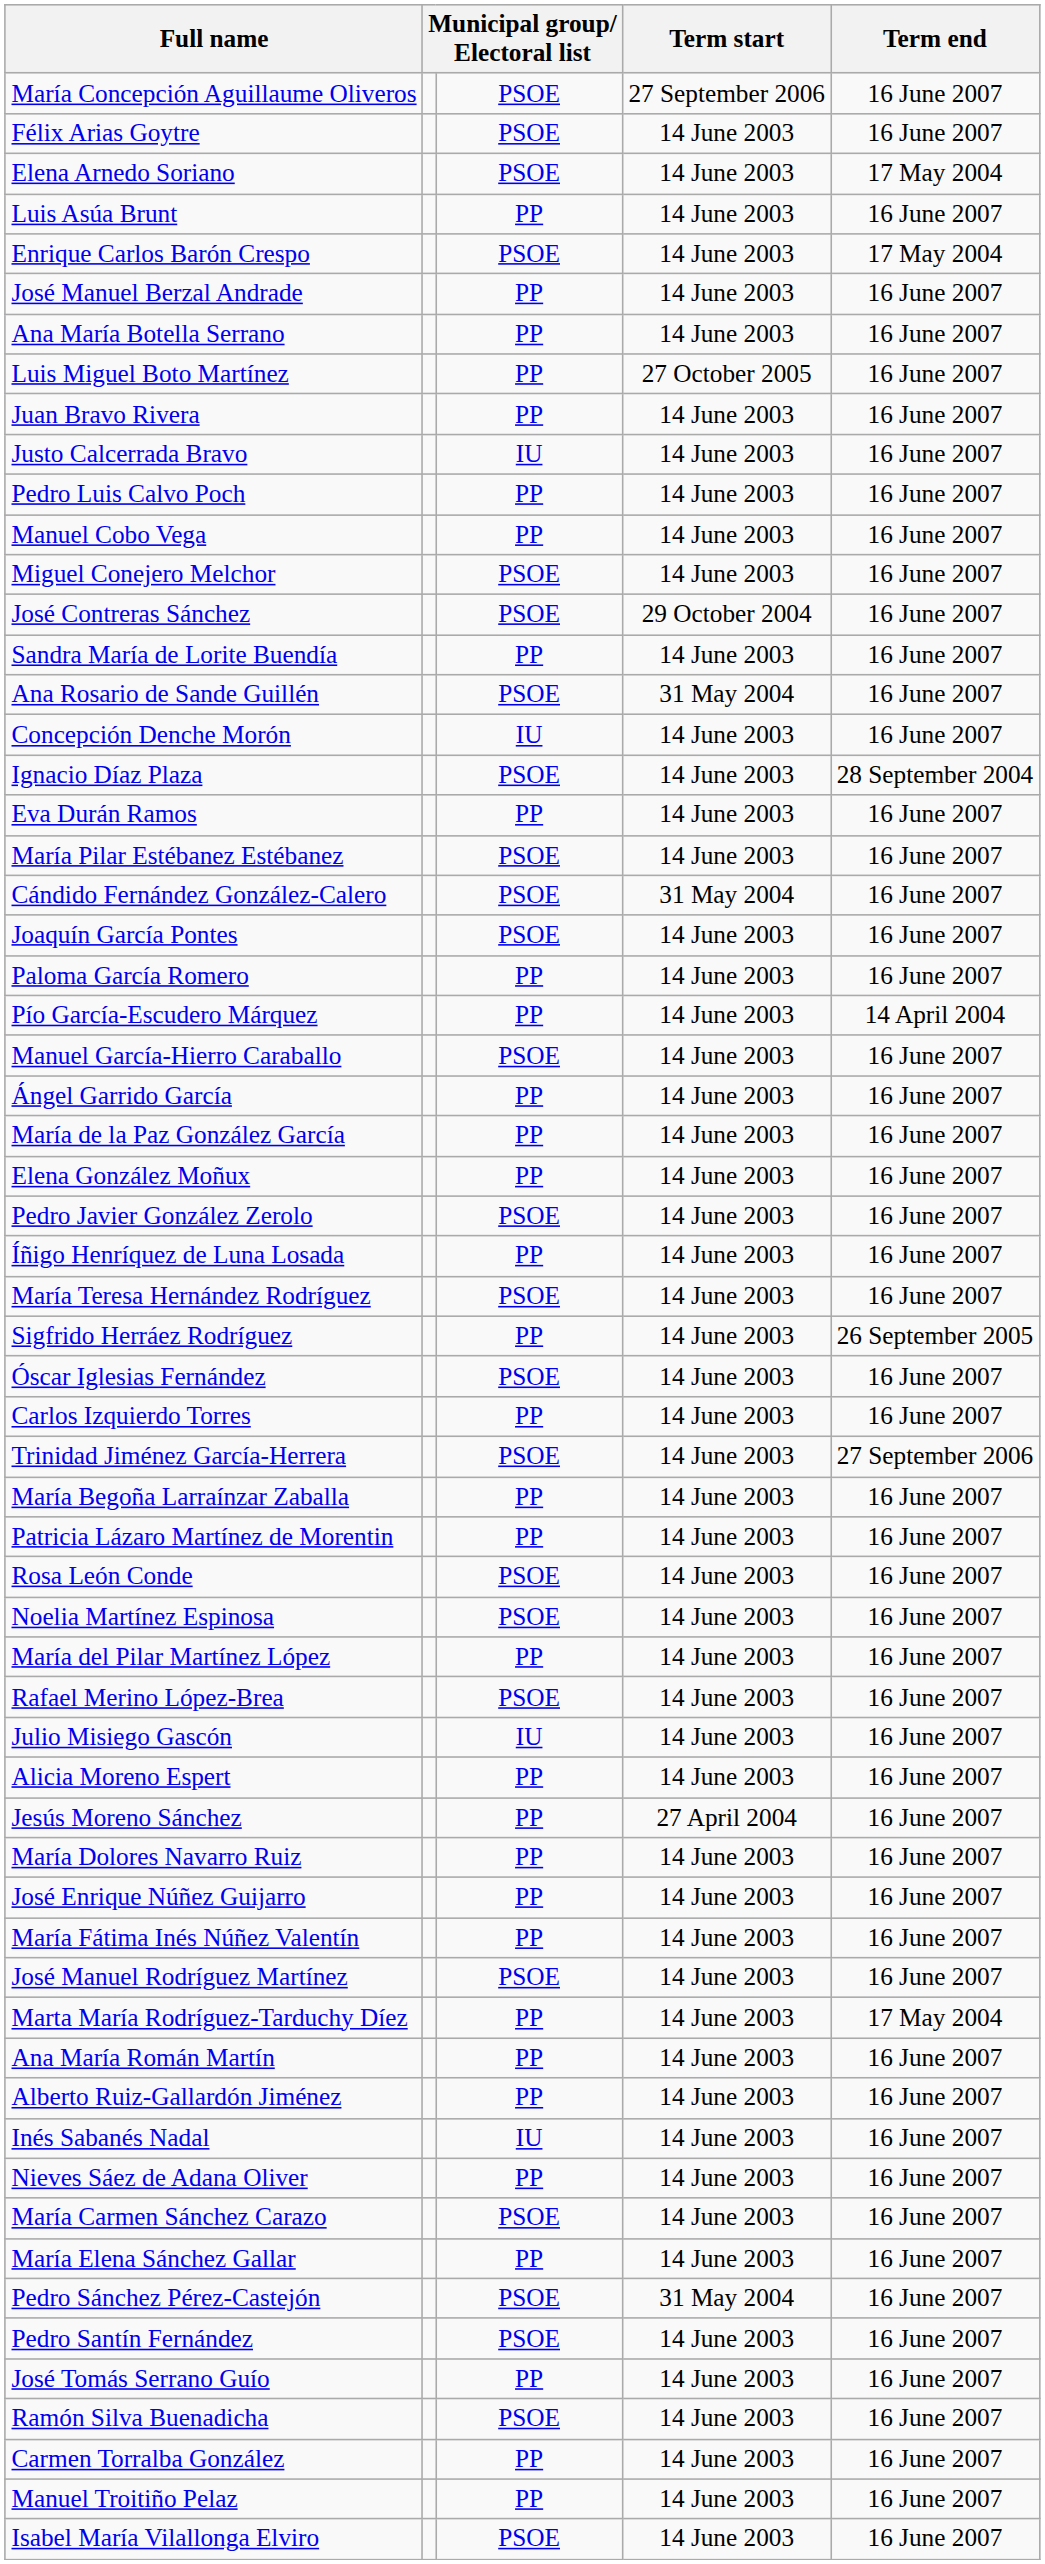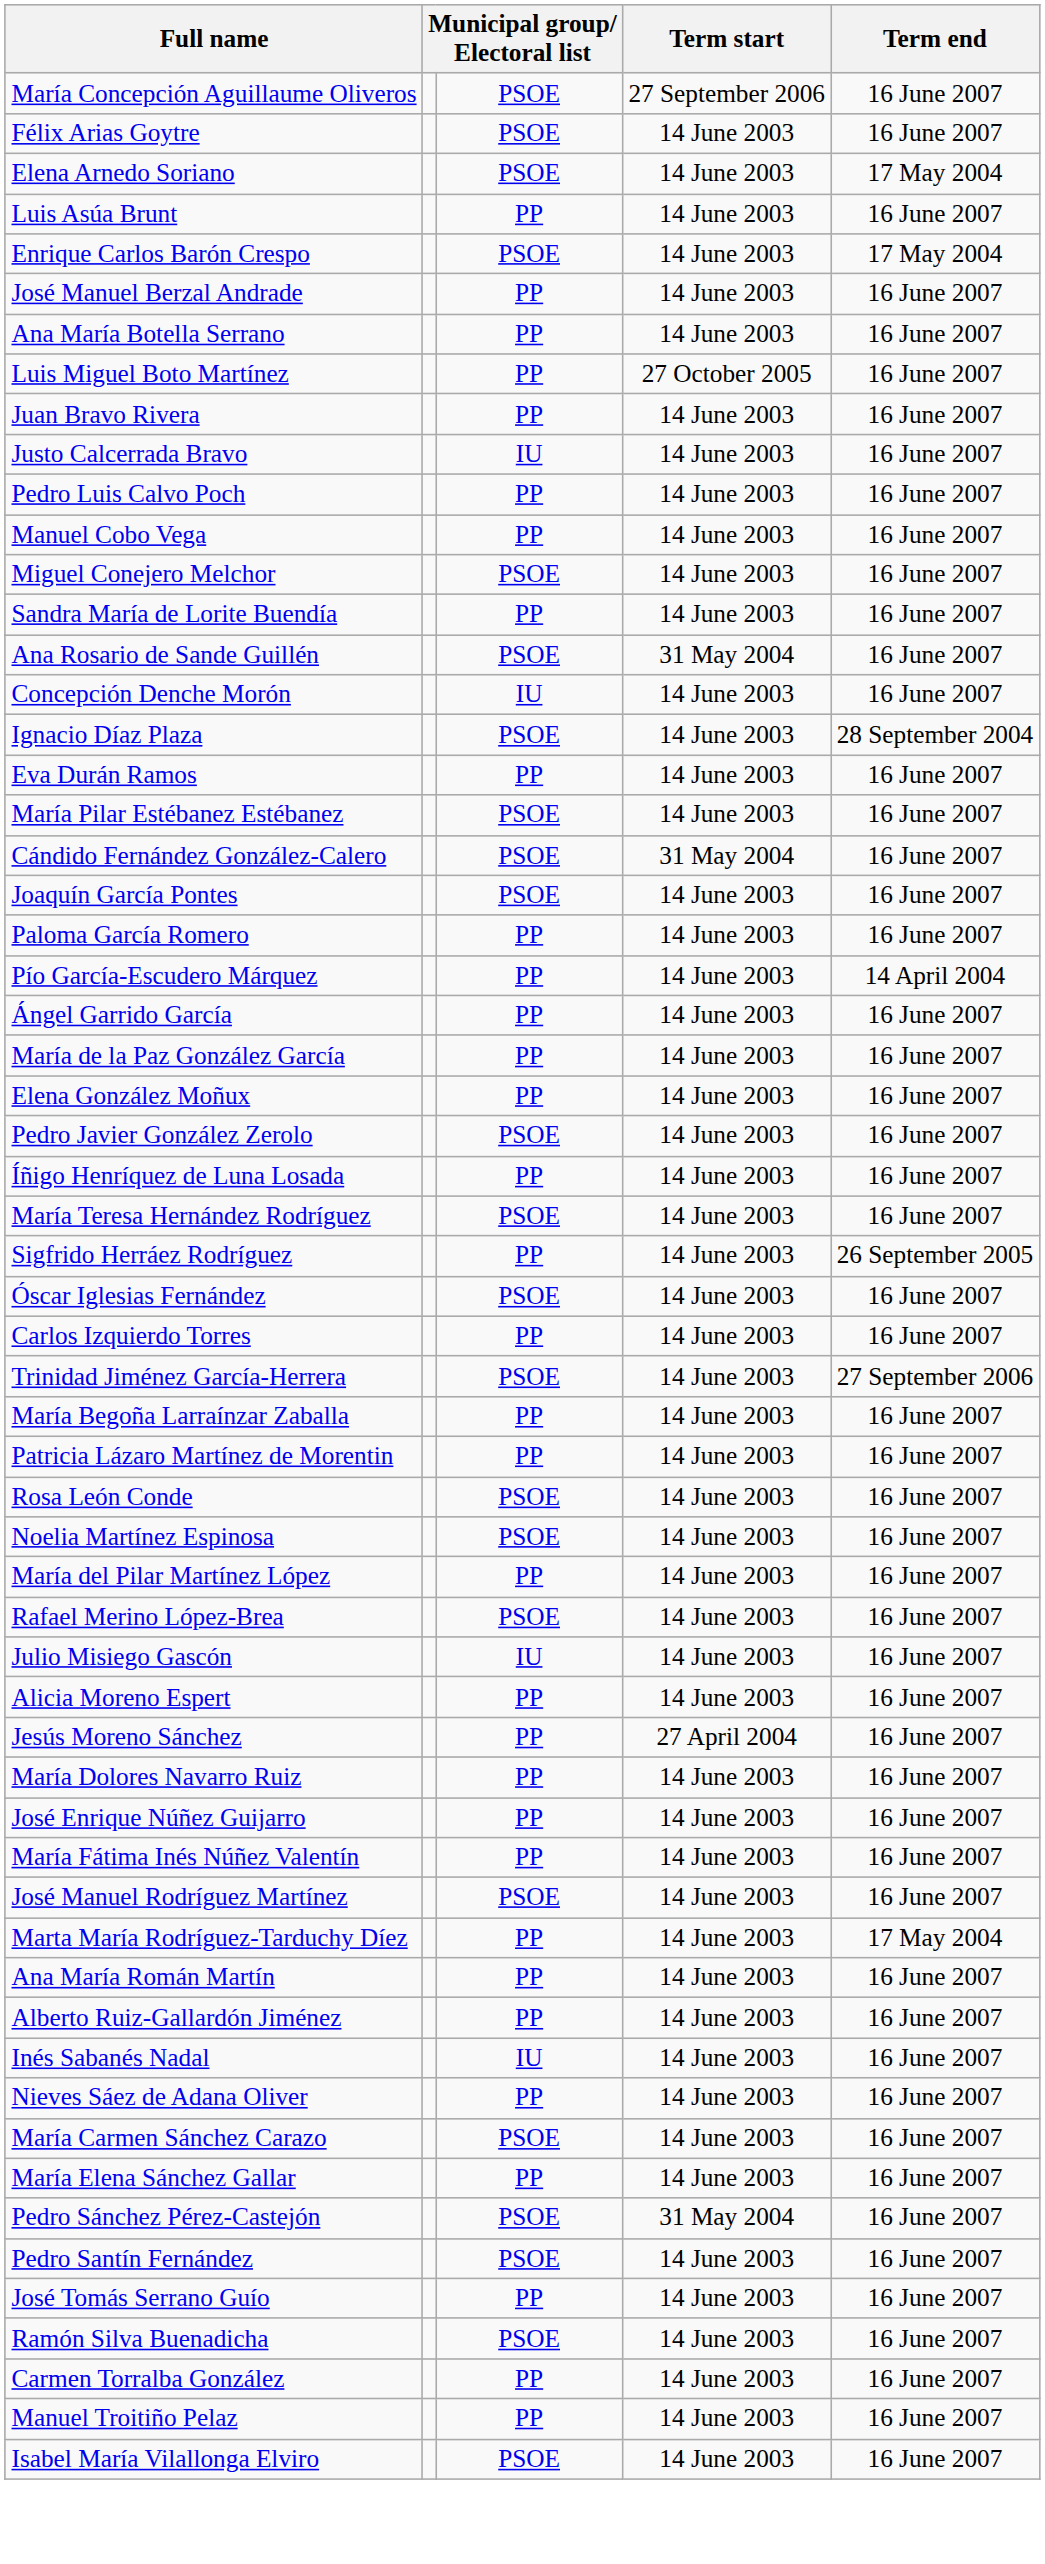 <table class="wikitable sortable" style="margin:1em auto; text-align:left; line-height:18px;">
 <tr>
 <th>Full name</th>
 <th colspan=2>Municipal group/<br>Electoral list</th>
 <th>Term start</th>
 <th>Term end</th>
 </tr>
 <tr>
 <td><a href='#'>María Concepción Aguillaume Oliveros</a></td>
 <td width="1"></td>
 <td align="center"><a href='#'>PSOE</a></td>
 <td align="center">27 September 2006</td>
 <td align="center">16 June 2007</td>
 </tr>
 <tr>
 <td><a href='#'>Félix Arias Goytre</a></td>
 <td></td>
 <td align="center"><a href='#'>PSOE</a></td>
 <td align="center">14 June 2003</td>
 <td align="center">16 June 2007</td>
 </tr>
 <tr>
 <td><a href='#'>Elena Arnedo Soriano</a></td>
 <td></td>
 <td align="center"><a href='#'>PSOE</a></td>
 <td align="center">14 June 2003</td>
 <td align="center">17 May 2004</td>
 </tr>
 <tr>
 <td><a href='#'>Luis Asúa Brunt</a></td>
 <td></td>
 <td align="center"><a href='#'>PP</a></td>
 <td align="center">14 June 2003</td>
 <td align="center">16 June 2007</td>
 </tr>
 <tr>
 <td><a href='#'>Enrique Carlos Barón Crespo</a></td>
 <td></td>
 <td align="center"><a href='#'>PSOE</a></td>
 <td align="center">14 June 2003</td>
 <td align="center">17 May 2004</td>
 </tr>
 <tr>
 <td><a href='#'>José Manuel Berzal Andrade</a></td>
 <td></td>
 <td align="center"><a href='#'>PP</a></td>
 <td align="center">14 June 2003</td>
 <td align="center">16 June 2007</td>
 </tr>
 <tr>
 <td><a href='#'>Ana María Botella Serrano</a></td>
 <td></td>
 <td align="center"><a href='#'>PP</a></td>
 <td align="center">14 June 2003</td>
 <td align="center">16 June 2007</td>
 </tr>
 <tr>
 <td><a href='#'>Luis Miguel Boto Martínez</a></td>
 <td></td>
 <td align="center"><a href='#'>PP</a></td>
 <td align="center">27 October 2005</td>
 <td align="center">16 June 2007</td>
 </tr>
 <tr>
 <td><a href='#'>Juan Bravo Rivera</a></td>
 <td></td>
 <td align="center"><a href='#'>PP</a></td>
 <td align="center">14 June 2003</td>
 <td align="center">16 June 2007</td>
 </tr>
 <tr>
 <td><a href='#'>Justo Calcerrada Bravo</a></td>
 <td></td>
 <td align="center"><a href='#'>IU</a></td>
 <td align="center">14 June 2003</td>
 <td align="center">16 June 2007</td>
 </tr>
 <tr>
 <td><a href='#'>Pedro Luis Calvo Poch</a></td>
 <td></td>
 <td align="center"><a href='#'>PP</a></td>
 <td align="center">14 June 2003</td>
 <td align="center">16 June 2007</td>
 </tr>
 <tr>
 <td><a href='#'>Manuel Cobo Vega</a></td>
 <td></td>
 <td align="center"><a href='#'>PP</a></td>
 <td align="center">14 June 2003</td>
 <td align="center">16 June 2007</td>
 </tr>
 <tr>
 <td><a href='#'>Miguel Conejero Melchor</a></td>
 <td></td>
 <td align="center"><a href='#'>PSOE</a></td>
 <td align="center">14 June 2003</td>
 <td align="center">16 June 2007</td>
 </tr>
 <tr>
-<td><a href='#'>José Contreras Sánchez</a></td>
-<td></td>
-<td align="center"><a href='#'>PSOE</a></td>
-<td align="center">29 October 2004</td>
-<td align="center">16 June 2007</td>
-</tr>
-<tr>
 <td><a href='#'>Sandra María de Lorite Buendía</a></td>
 <td></td>
 <td align="center"><a href='#'>PP</a></td>
 <td align="center">14 June 2003</td>
 <td align="center">16 June 2007</td>
 </tr>
 <tr>
 <td><a href='#'>Ana Rosario de Sande Guillén</a></td>
 <td></td>
 <td align="center"><a href='#'>PSOE</a></td>
 <td align="center">31 May 2004</td>
 <td align="center">16 June 2007</td>
 </tr>
 <tr>
 <td><a href='#'>Concepción Denche Morón</a></td>
 <td></td>
 <td align="center"><a href='#'>IU</a></td>
 <td align="center">14 June 2003</td>
 <td align="center">16 June 2007</td>
 </tr>
 <tr>
 <td><a href='#'>Ignacio Díaz Plaza</a></td>
 <td></td>
 <td align="center"><a href='#'>PSOE</a></td>
 <td align="center">14 June 2003</td>
 <td align="center">28 September 2004</td>
 </tr>
 <tr>
 <td><a href='#'>Eva Durán Ramos</a></td>
 <td></td>
 <td align="center"><a href='#'>PP</a></td>
 <td align="center">14 June 2003</td>
 <td align="center">16 June 2007</td>
 </tr>
 <tr>
 <td><a href='#'>María Pilar Estébanez Estébanez</a></td>
 <td></td>
 <td align="center"><a href='#'>PSOE</a></td>
 <td align="center">14 June 2003</td>
 <td align="center">16 June 2007</td>
 </tr>
 <tr>
 <td><a href='#'>Cándido Fernández González-Calero</a></td>
 <td></td>
 <td align="center"><a href='#'>PSOE</a></td>
 <td align="center">31 May 2004</td>
 <td align="center">16 June 2007</td>
 </tr>
 <tr>
 <td><a href='#'>Joaquín García Pontes</a></td>
 <td></td>
 <td align="center"><a href='#'>PSOE</a></td>
 <td align="center">14 June 2003</td>
 <td align="center">16 June 2007</td>
 </tr>
 <tr>
 <td><a href='#'>Paloma García Romero</a></td>
 <td></td>
 <td align="center"><a href='#'>PP</a></td>
 <td align="center">14 June 2003</td>
 <td align="center">16 June 2007</td>
 </tr>
 <tr>
 <td><a href='#'>Pío García-Escudero Márquez</a></td>
 <td></td>
 <td align="center"><a href='#'>PP</a></td>
 <td align="center">14 June 2003</td>
 <td align="center">14 April 2004</td>
-</tr>
-<tr>
-<td><a href='#'>Manuel García-Hierro Caraballo</a></td>
-<td></td>
-<td align="center"><a href='#'>PSOE</a></td>
-<td align="center">14 June 2003</td>
-<td align="center">16 June 2007</td>
 </tr>
 <tr>
 <td><a href='#'>Ángel Garrido García</a></td>
 <td></td>
 <td align="center"><a href='#'>PP</a></td>
 <td align="center">14 June 2003</td>
 <td align="center">16 June 2007</td>
 </tr>
 <tr>
 <td><a href='#'>María de la Paz González García</a></td>
 <td></td>
 <td align="center"><a href='#'>PP</a></td>
 <td align="center">14 June 2003</td>
 <td align="center">16 June 2007</td>
 </tr>
 <tr>
 <td><a href='#'>Elena González Moñux</a></td>
 <td></td>
 <td align="center"><a href='#'>PP</a></td>
 <td align="center">14 June 2003</td>
 <td align="center">16 June 2007</td>
 </tr>
 <tr>
 <td><a href='#'>Pedro Javier González Zerolo</a></td>
 <td></td>
 <td align="center"><a href='#'>PSOE</a></td>
 <td align="center">14 June 2003</td>
 <td align="center">16 June 2007</td>
 </tr>
 <tr>
 <td><a href='#'>Íñigo Henríquez de Luna Losada</a></td>
 <td></td>
 <td align="center"><a href='#'>PP</a></td>
 <td align="center">14 June 2003</td>
 <td align="center">16 June 2007</td>
 </tr>
 <tr>
 <td><a href='#'>María Teresa Hernández Rodríguez</a></td>
 <td></td>
 <td align="center"><a href='#'>PSOE</a></td>
 <td align="center">14 June 2003</td>
 <td align="center">16 June 2007</td>
 </tr>
 <tr>
 <td><a href='#'>Sigfrido Herráez Rodríguez</a></td>
 <td></td>
 <td align="center"><a href='#'>PP</a></td>
 <td align="center">14 June 2003</td>
 <td align="center">26 September 2005</td>
 </tr>
 <tr>
 <td><a href='#'>Óscar Iglesias Fernández</a></td>
 <td></td>
 <td align="center"><a href='#'>PSOE</a></td>
 <td align="center">14 June 2003</td>
 <td align="center">16 June 2007</td>
 </tr>
 <tr>
 <td><a href='#'>Carlos Izquierdo Torres</a></td>
 <td></td>
 <td align="center"><a href='#'>PP</a></td>
 <td align="center">14 June 2003</td>
 <td align="center">16 June 2007</td>
 </tr>
 <tr>
 <td><a href='#'>Trinidad Jiménez García-Herrera</a></td>
 <td></td>
 <td align="center"><a href='#'>PSOE</a></td>
 <td align="center">14 June 2003</td>
 <td align="center">27 September 2006</td>
 </tr>
 <tr>
 <td><a href='#'>María Begoña Larraínzar Zaballa</a></td>
 <td></td>
 <td align="center"><a href='#'>PP</a></td>
 <td align="center">14 June 2003</td>
 <td align="center">16 June 2007</td>
 </tr>
 <tr>
 <td><a href='#'>Patricia Lázaro Martínez de Morentin</a></td>
 <td></td>
 <td align="center"><a href='#'>PP</a></td>
 <td align="center">14 June 2003</td>
 <td align="center">16 June 2007</td>
 </tr>
 <tr>
 <td><a href='#'>Rosa León Conde</a></td>
 <td></td>
 <td align="center"><a href='#'>PSOE</a></td>
 <td align="center">14 June 2003</td>
 <td align="center">16 June 2007</td>
 </tr>
 <tr>
 <td><a href='#'>Noelia Martínez Espinosa</a></td>
 <td></td>
 <td align="center"><a href='#'>PSOE</a></td>
 <td align="center">14 June 2003</td>
 <td align="center">16 June 2007</td>
 </tr>
 <tr>
 <td><a href='#'>María del Pilar Martínez López</a></td>
 <td></td>
 <td align="center"><a href='#'>PP</a></td>
 <td align="center">14 June 2003</td>
 <td align="center">16 June 2007</td>
 </tr>
 <tr>
 <td><a href='#'>Rafael Merino López-Brea</a></td>
 <td></td>
 <td align="center"><a href='#'>PSOE</a></td>
 <td align="center">14 June 2003</td>
 <td align="center">16 June 2007</td>
 </tr>
 <tr>
 <td><a href='#'>Julio Misiego Gascón</a></td>
 <td></td>
 <td align="center"><a href='#'>IU</a></td>
 <td align="center">14 June 2003</td>
 <td align="center">16 June 2007</td>
 </tr>
 <tr>
 <td><a href='#'>Alicia Moreno Espert</a></td>
 <td></td>
 <td align="center"><a href='#'>PP</a></td>
 <td align="center">14 June 2003</td>
 <td align="center">16 June 2007</td>
 </tr>
 <tr>
 <td><a href='#'>Jesús Moreno Sánchez</a></td>
 <td></td>
 <td align="center"><a href='#'>PP</a></td>
 <td align="center">27 April 2004</td>
 <td align="center">16 June 2007</td>
 </tr>
 <tr>
 <td><a href='#'>María Dolores Navarro Ruiz</a></td>
 <td></td>
 <td align="center"><a href='#'>PP</a></td>
 <td align="center">14 June 2003</td>
 <td align="center">16 June 2007</td>
 </tr>
 <tr>
 <td><a href='#'>José Enrique Núñez Guijarro</a></td>
 <td></td>
 <td align="center"><a href='#'>PP</a></td>
 <td align="center">14 June 2003</td>
 <td align="center">16 June 2007</td>
 </tr>
 <tr>
 <td><a href='#'>María Fátima Inés Núñez Valentín</a></td>
 <td></td>
 <td align="center"><a href='#'>PP</a></td>
 <td align="center">14 June 2003</td>
 <td align="center">16 June 2007</td>
 </tr>
 <tr>
 <td><a href='#'>José Manuel Rodríguez Martínez</a></td>
 <td></td>
 <td align="center"><a href='#'>PSOE</a></td>
 <td align="center">14 June 2003</td>
 <td align="center">16 June 2007</td>
 </tr>
 <tr>
 <td><a href='#'>Marta María Rodríguez-Tarduchy Díez</a></td>
 <td></td>
 <td align="center"><a href='#'>PP</a></td>
 <td align="center">14 June 2003</td>
 <td align="center">17 May 2004</td>
 </tr>
 <tr>
 <td><a href='#'>Ana María Román Martín</a></td>
 <td></td>
 <td align="center"><a href='#'>PP</a></td>
 <td align="center">14 June 2003</td>
 <td align="center">16 June 2007</td>
 </tr>
 <tr>
 <td><a href='#'>Alberto Ruiz-Gallardón Jiménez</a></td>
 <td></td>
 <td align="center"><a href='#'>PP</a></td>
 <td align="center">14 June 2003</td>
 <td align="center">16 June 2007</td>
 </tr>
 <tr>
 <td><a href='#'>Inés Sabanés Nadal</a></td>
 <td></td>
 <td align="center"><a href='#'>IU</a></td>
 <td align="center">14 June 2003</td>
 <td align="center">16 June 2007</td>
 </tr>
 <tr>
 <td><a href='#'>Nieves Sáez de Adana Oliver</a></td>
 <td></td>
 <td align="center"><a href='#'>PP</a></td>
 <td align="center">14 June 2003</td>
 <td align="center">16 June 2007</td>
 </tr>
 <tr>
 <td><a href='#'>María Carmen Sánchez Carazo</a></td>
 <td></td>
 <td align="center"><a href='#'>PSOE</a></td>
 <td align="center">14 June 2003</td>
 <td align="center">16 June 2007</td>
 </tr>
 <tr>
 <td><a href='#'>María Elena Sánchez Gallar</a></td>
 <td></td>
 <td align="center"><a href='#'>PP</a></td>
 <td align="center">14 June 2003</td>
 <td align="center">16 June 2007</td>
 </tr>
 <tr>
 <td><a href='#'>Pedro Sánchez Pérez-Castejón</a></td>
 <td></td>
 <td align="center"><a href='#'>PSOE</a></td>
 <td align="center">31 May 2004</td>
 <td align="center">16 June 2007</td>
 </tr>
 <tr>
 <td><a href='#'>Pedro Santín Fernández</a></td>
 <td></td>
 <td align="center"><a href='#'>PSOE</a></td>
 <td align="center">14 June 2003</td>
 <td align="center">16 June 2007</td>
 </tr>
 <tr>
 <td><a href='#'>José Tomás Serrano Guío</a></td>
 <td></td>
 <td align="center"><a href='#'>PP</a></td>
 <td align="center">14 June 2003</td>
 <td align="center">16 June 2007</td>
 </tr>
 <tr>
 <td><a href='#'>Ramón Silva Buenadicha</a></td>
 <td></td>
 <td align="center"><a href='#'>PSOE</a></td>
 <td align="center">14 June 2003</td>
 <td align="center">16 June 2007</td>
 </tr>
 <tr>
 <td><a href='#'>Carmen Torralba González</a></td>
 <td></td>
 <td align="center"><a href='#'>PP</a></td>
 <td align="center">14 June 2003</td>
 <td align="center">16 June 2007</td>
 </tr>
 <tr>
 <td><a href='#'>Manuel Troitiño Pelaz</a></td>
 <td></td>
 <td align="center"><a href='#'>PP</a></td>
 <td align="center">14 June 2003</td>
 <td align="center">16 June 2007</td>
 </tr>
 <tr>
 <td><a href='#'>Isabel María Vilallonga Elviro</a></td>
 <td></td>
 <td align="center"><a href='#'>PSOE</a></td>
 <td align="center">14 June 2003</td>
 <td align="center">16 June 2007</td>
 </tr>
 </table>
